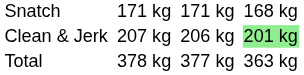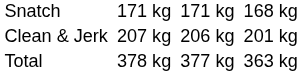 <table>
 <tr>
 <td>Snatch</td>
 <td></td>
 <td>171 kg</td>
 <td></td>
 <td>171 kg</td>
 <td></td>
 <td>168 kg</td>
 </tr>
 <tr>
 <td>Clean & Jerk</td>
 <td></td>
 <td>207 kg</td>
 <td></td>
 <td>206 kg</td>
 <td></td>
-<td style="background: lightgreen;">201 kg</td>
+<td>201 kg</td>
 </tr>
 <tr>
 <td>Total</td>
 <td></td>
 <td>378 kg</td>
 <td></td>
 <td>377 kg</td>
 <td></td>
 <td>363 kg</td>
 </tr>
 </table>
